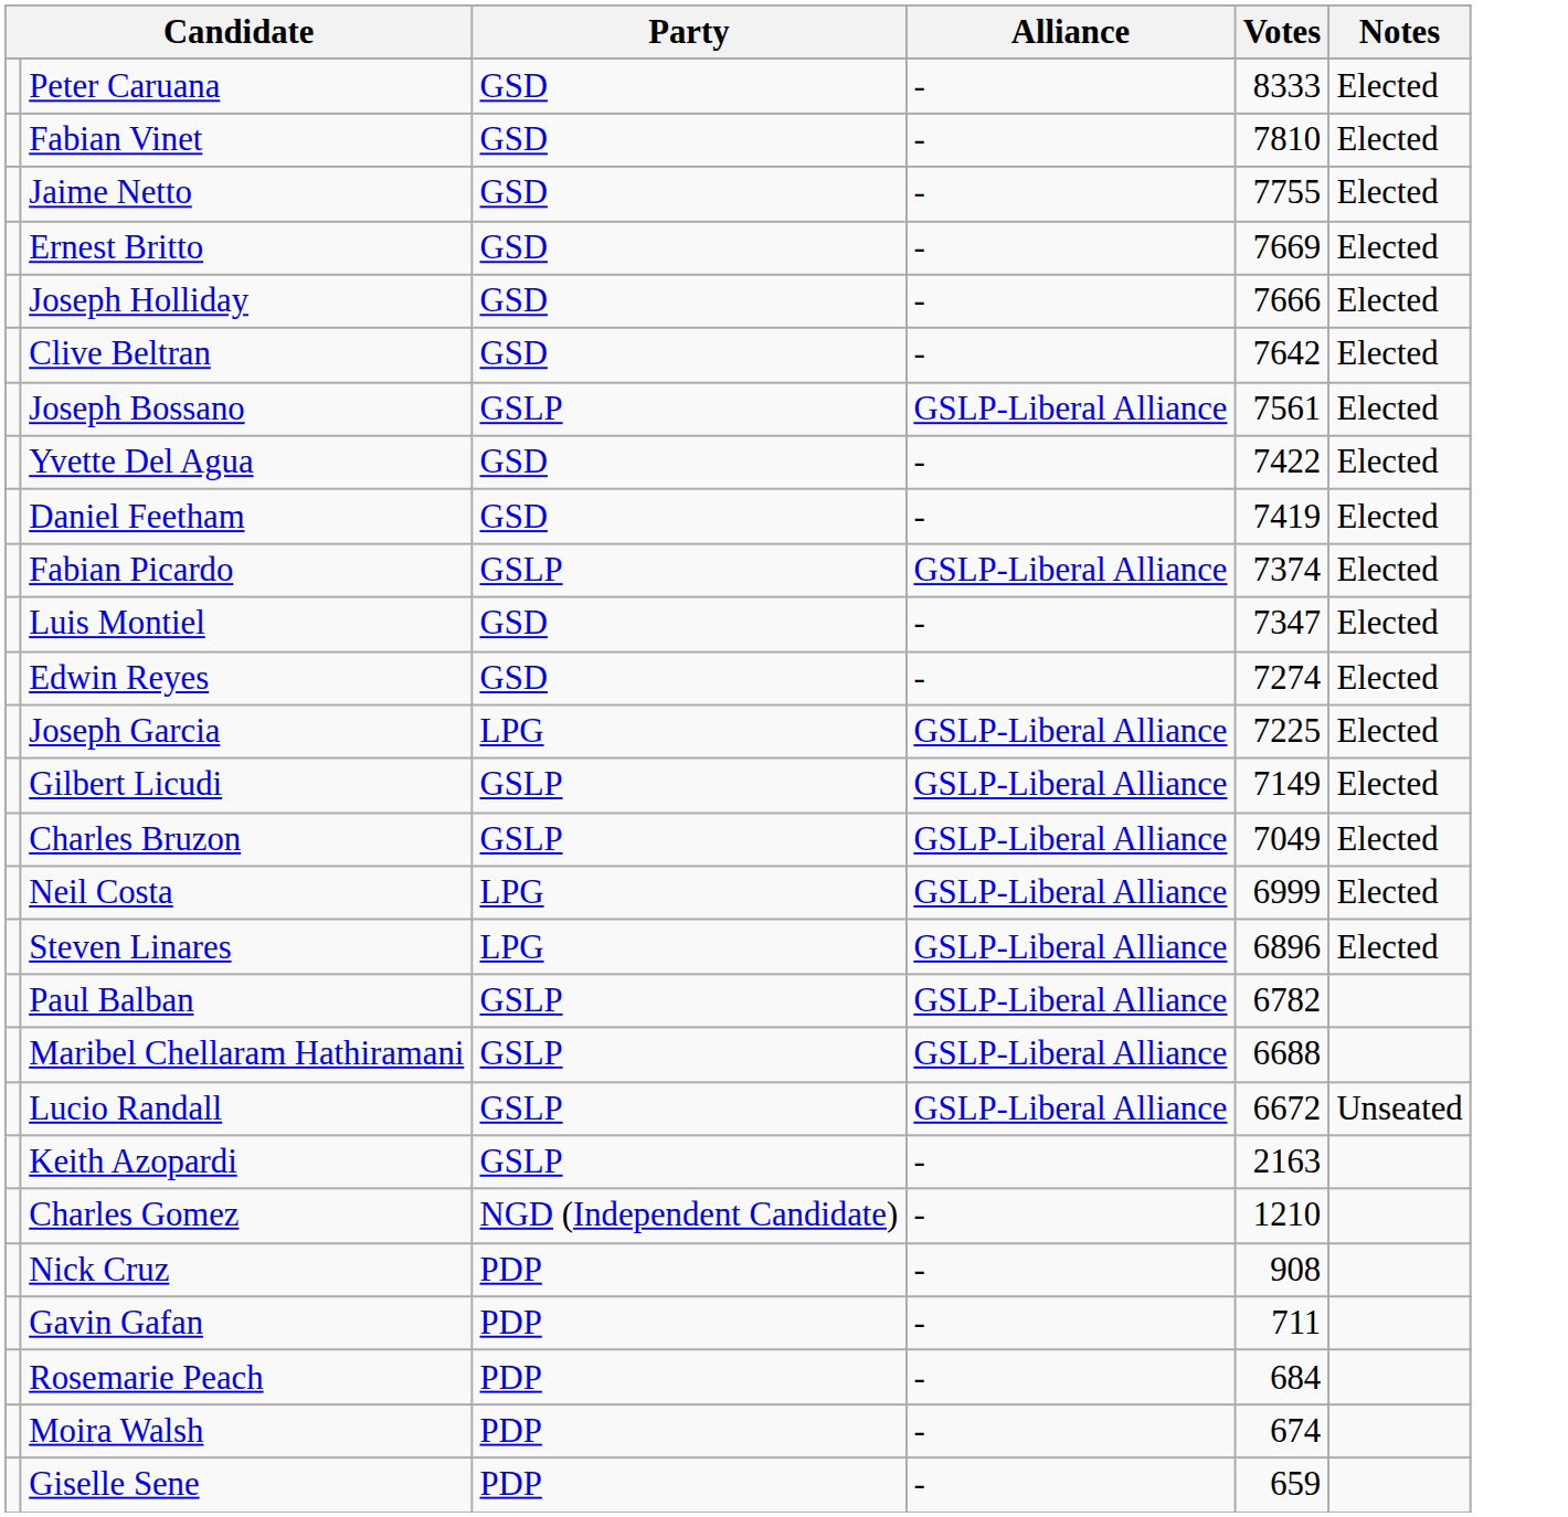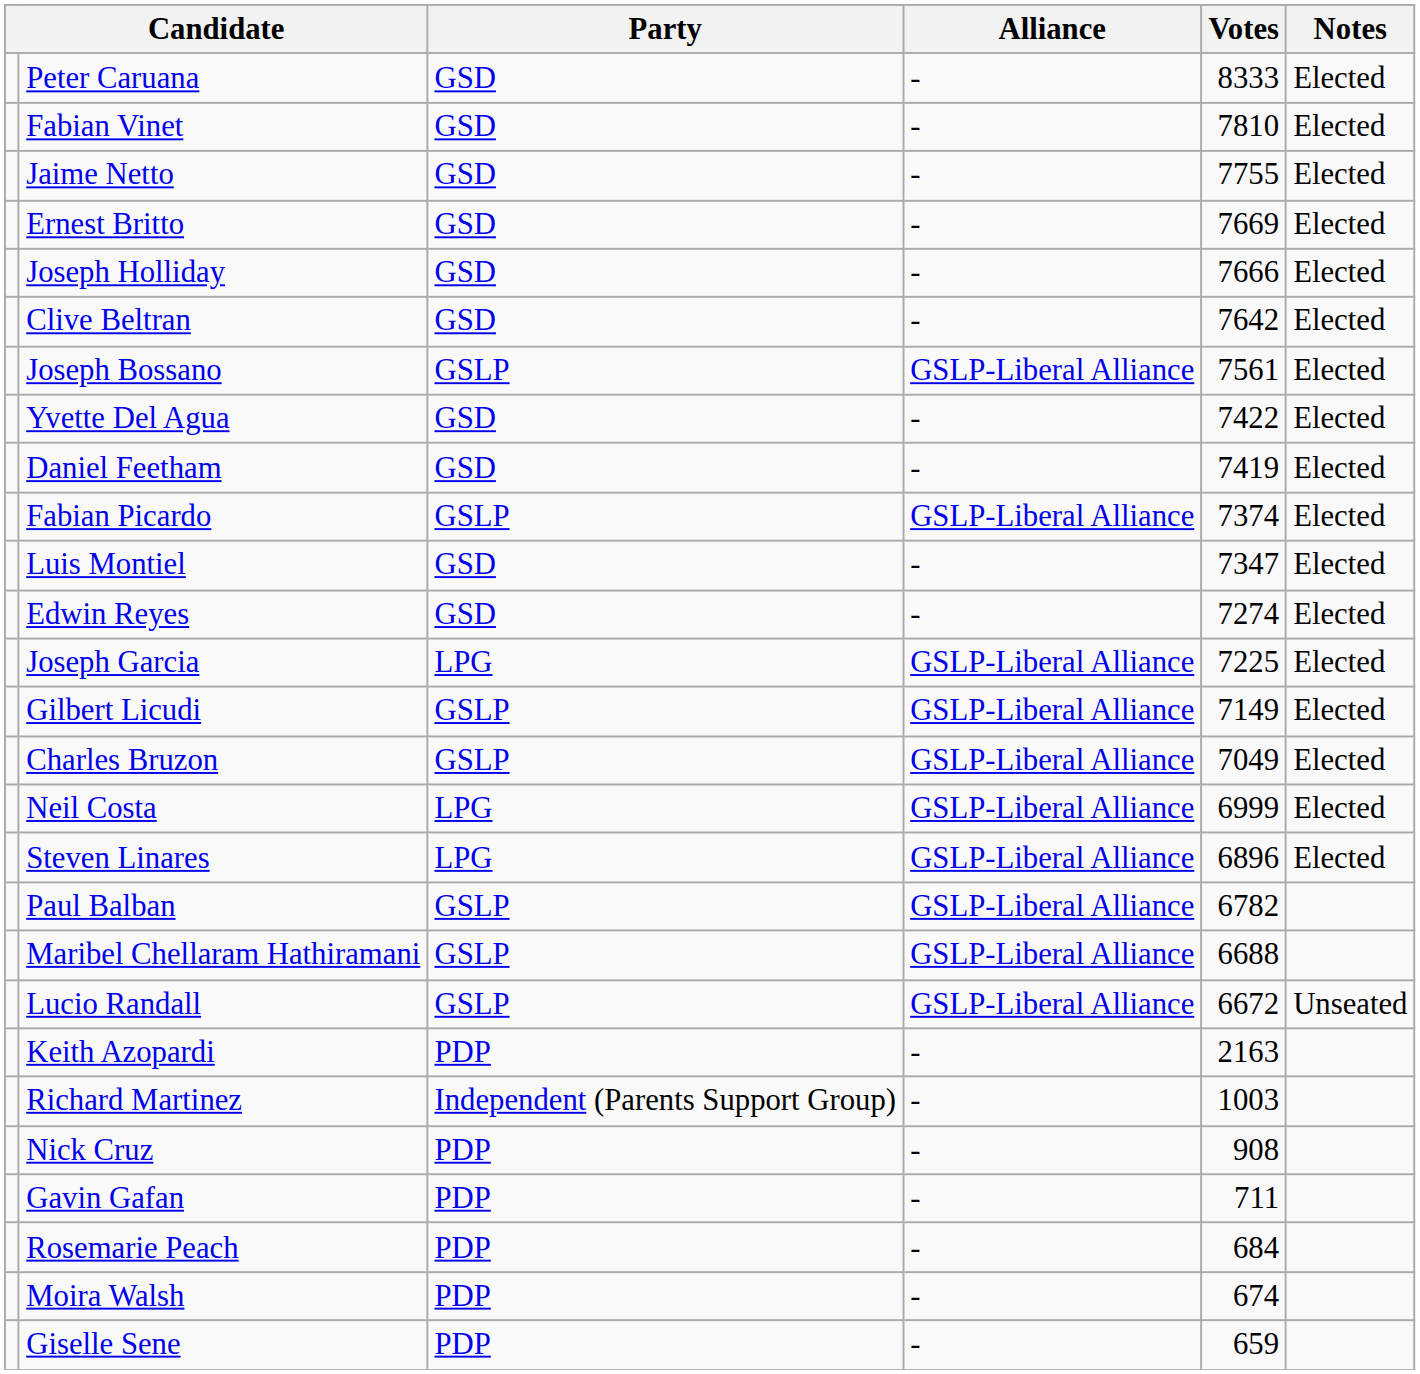 <table class=wikitable>
 <tr>
 <th colspan=2>Candidate</th>
 <th>Party</th>
 <th>Alliance</th>
 <th>Votes</th>
 <th>Notes</th>
 </tr>
 <tr>
 <td style="background-color: "></td>
 <td><a href='#'>Peter Caruana</a></td>
 <td><a href='#'>GSD</a></td>
 <td>-</td>
 <td align=right>8333</td>
 <td>Elected</td>
 </tr>
 <tr>
 <td style="background-color: "></td>
 <td><a href='#'>Fabian Vinet</a></td>
 <td><a href='#'>GSD</a></td>
 <td>-</td>
 <td align=right>7810</td>
 <td>Elected</td>
 </tr>
 <tr>
 <td style="background-color: "></td>
 <td><a href='#'>Jaime Netto</a></td>
 <td><a href='#'>GSD</a></td>
 <td>-</td>
 <td align=right>7755</td>
 <td>Elected</td>
 </tr>
 <tr>
 <td style="background-color: "></td>
 <td><a href='#'>Ernest Britto</a></td>
 <td><a href='#'>GSD</a></td>
 <td>-</td>
 <td align=right>7669</td>
 <td>Elected</td>
 </tr>
 <tr>
 <td style="background-color: "></td>
 <td><a href='#'>Joseph Holliday</a></td>
 <td><a href='#'>GSD</a></td>
 <td>-</td>
 <td align=right>7666</td>
 <td>Elected</td>
 </tr>
 <tr>
 <td style="background-color: "></td>
 <td><a href='#'>Clive Beltran</a></td>
 <td><a href='#'>GSD</a></td>
 <td>-</td>
 <td align=right>7642</td>
 <td>Elected</td>
 </tr>
 <tr>
 <td style="background-color: "></td>
 <td><a href='#'>Joseph Bossano</a></td>
 <td><a href='#'>GSLP</a></td>
 <td><a href='#'>GSLP-Liberal Alliance</a></td>
 <td align=right>7561</td>
 <td>Elected</td>
 </tr>
 <tr>
 <td style="background-color: "></td>
 <td><a href='#'>Yvette Del Agua</a></td>
 <td><a href='#'>GSD</a></td>
 <td>-</td>
 <td align=right>7422</td>
 <td>Elected</td>
 </tr>
 <tr>
 <td style="background-color: "></td>
 <td><a href='#'>Daniel Feetham</a></td>
 <td><a href='#'>GSD</a></td>
 <td>-</td>
 <td align=right>7419</td>
 <td>Elected</td>
 </tr>
 <tr>
 <td style="background-color: "></td>
 <td><a href='#'>Fabian Picardo</a></td>
 <td><a href='#'>GSLP</a></td>
 <td><a href='#'>GSLP-Liberal Alliance</a></td>
 <td align=right>7374</td>
 <td>Elected</td>
 </tr>
 <tr>
 <td style="background-color: "></td>
 <td><a href='#'>Luis Montiel</a></td>
 <td><a href='#'>GSD</a></td>
 <td>-</td>
 <td align=right>7347</td>
 <td>Elected</td>
 </tr>
 <tr>
 <td style="background-color: "></td>
 <td><a href='#'>Edwin Reyes</a></td>
 <td><a href='#'>GSD</a></td>
 <td>-</td>
 <td align=right>7274</td>
 <td>Elected</td>
 </tr>
 <tr>
 <td style="background-color: "></td>
 <td><a href='#'>Joseph Garcia</a></td>
 <td><a href='#'>LPG</a></td>
 <td><a href='#'>GSLP-Liberal Alliance</a></td>
 <td align=right>7225</td>
 <td>Elected</td>
 </tr>
 <tr>
 <td style="background-color: "></td>
 <td><a href='#'>Gilbert Licudi</a></td>
 <td><a href='#'>GSLP</a></td>
 <td><a href='#'>GSLP-Liberal Alliance</a></td>
 <td align=right>7149</td>
 <td>Elected</td>
 </tr>
 <tr>
 <td style="background-color: "></td>
 <td><a href='#'>Charles Bruzon</a></td>
 <td><a href='#'>GSLP</a></td>
 <td><a href='#'>GSLP-Liberal Alliance</a></td>
 <td align=right>7049</td>
 <td>Elected</td>
 </tr>
 <tr>
 <td style="background-color: "></td>
 <td><a href='#'>Neil Costa</a></td>
 <td><a href='#'>LPG</a></td>
 <td><a href='#'>GSLP-Liberal Alliance</a></td>
 <td align=right>6999</td>
 <td>Elected</td>
 </tr>
 <tr>
 <td style="background-color: "></td>
 <td><a href='#'>Steven Linares</a></td>
 <td><a href='#'>LPG</a></td>
 <td><a href='#'>GSLP-Liberal Alliance</a></td>
 <td align=right>6896</td>
 <td>Elected</td>
 </tr>
 <tr>
 <td style="background-color: "></td>
 <td><a href='#'>Paul Balban</a></td>
 <td><a href='#'>GSLP</a></td>
 <td><a href='#'>GSLP-Liberal Alliance</a></td>
 <td align=right>6782</td>
 <td></td>
 </tr>
 <tr>
 <td style="background-color: "></td>
 <td><a href='#'>Maribel Chellaram Hathiramani</a></td>
 <td><a href='#'>GSLP</a></td>
 <td><a href='#'>GSLP-Liberal Alliance</a></td>
 <td align=right>6688</td>
 <td></td>
 </tr>
 <tr>
 <td style="background-color: "></td>
 <td><a href='#'>Lucio Randall</a></td>
 <td><a href='#'>GSLP</a></td>
 <td><a href='#'>GSLP-Liberal Alliance</a></td>
 <td align=right>6672</td>
 <td>Unseated</td>
 </tr>
 <tr>
 <td style="background-color: "></td>
 <td><a href='#'>Keith Azopardi</a></td>
-<td><a href='#'>GSLP</a></td>
+<td><a href='#'>PDP</a></td>
 <td>-</td>
 <td align=right>2163</td>
 <td></td>
 </tr>
 <tr>
 <td style="background-color: "></td>
-<td><a href='#'>Charles Gomez</a></td>
-<td><a href='#'>NGD</a> (<a href='#'>Independent Candidate</a>)</td>
+<td><a href='#'>Richard Martinez</a></td>
+<td><a href='#'>Independent</a> (Parents Support Group)</td>
 <td>-</td>
-<td align=right>1210</td>
+<td align=right>1003</td>
 <td></td>
 </tr>
 <tr>
 <td style="background-color: "></td>
 <td><a href='#'>Nick Cruz</a></td>
 <td><a href='#'>PDP</a></td>
 <td>-</td>
 <td align=right>908</td>
 <td></td>
 </tr>
 <tr>
 <td style="background-color: "></td>
 <td><a href='#'>Gavin Gafan</a></td>
 <td><a href='#'>PDP</a></td>
 <td>-</td>
 <td align=right>711</td>
 <td></td>
 </tr>
 <tr>
 <td style="background-color: "></td>
 <td><a href='#'>Rosemarie Peach</a></td>
 <td><a href='#'>PDP</a></td>
 <td>-</td>
 <td align=right>684</td>
 <td></td>
 </tr>
 <tr>
 <td style="background-color: "></td>
 <td><a href='#'>Moira Walsh</a></td>
 <td><a href='#'>PDP</a></td>
 <td>-</td>
 <td align=right>674</td>
 <td></td>
 </tr>
 <tr>
 <td style="background-color: "></td>
 <td><a href='#'>Giselle Sene</a></td>
 <td><a href='#'>PDP</a></td>
 <td>-</td>
 <td align=right>659</td>
 <td></td>
 </tr>
 </table>
